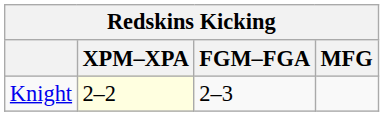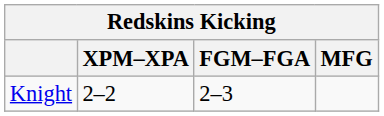 <table class="wikitable">
 <tr>
 <th colspan="4">Redskins Kicking</th>
 </tr>
 <tr>
 <th></th>
 <th>XPM–XPA</th>
 <th>FGM–FGA</th>
 <th>MFG</th>
 </tr>
 <tr>
 <td><a href='#'>Knight</a></td>
-<td style="background: lightyellow;">2–2</td>
+<td>2–2</td>
 <td>2–3</td>
 <td></td>
 </tr>
 </table>
